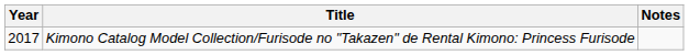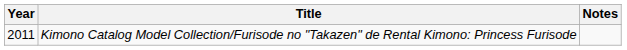 <table class="wikitable">
 <tr>
 <th>Year</th>
 <th>Title</th>
 <th>Notes</th>
 </tr>
 <tr>
-<td>2017</td>
+<td>2011</td>
 <td><em>Kimono Catalog Model Collection/Furisode no "Takazen" de Rental Kimono: Princess Furisode</em></td>
 <td></td>
 </tr>
 </table>
